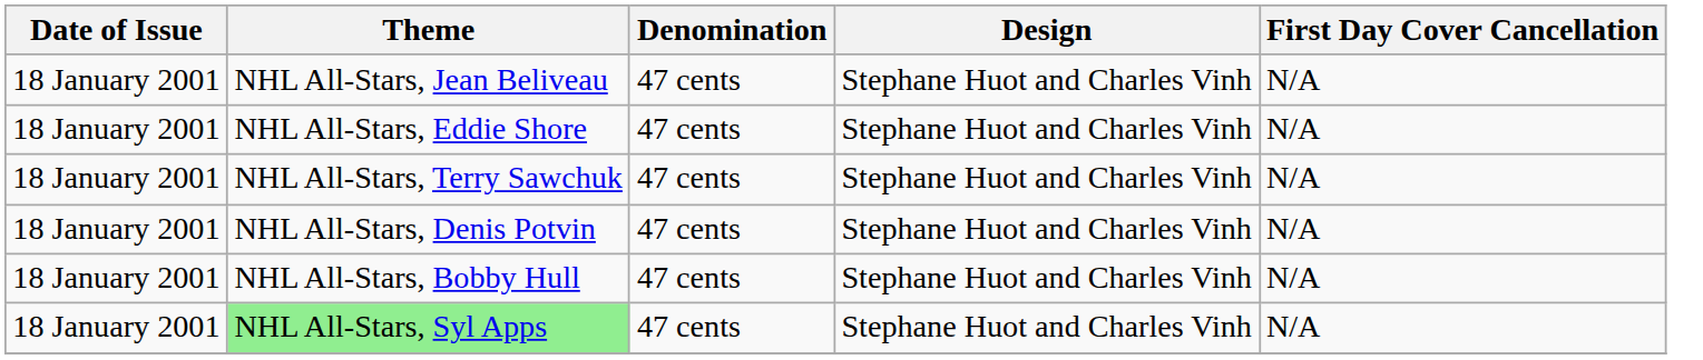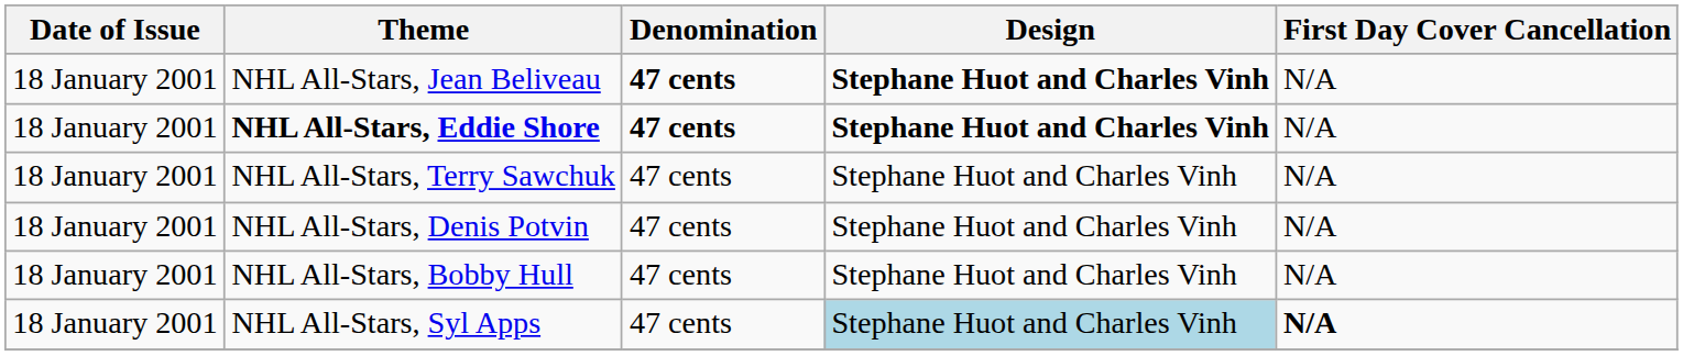 <table class="wikitable sortable">
 <tr>
 <th>Date of Issue</th>
 <th>Theme</th>
 <th>Denomination</th>
 <th>Design</th>
 <th>First Day Cover Cancellation</th>
 </tr>
 <tr>
 <td>18 January 2001</td>
 <td>NHL All-Stars, <a href='#'>Jean Beliveau</a></td>
-<td>47 cents</td>
-<td>Stephane Huot and Charles Vinh</td>
+<td><strong>47 cents</strong></td>
+<td><strong>Stephane Huot and Charles Vinh</strong></td>
 <td>N/A</td>
 </tr>
 <tr>
 <td>18 January 2001</td>
-<td>NHL All-Stars, <a href='#'>Eddie Shore</a></td>
-<td>47 cents</td>
-<td>Stephane Huot and Charles Vinh</td>
+<td><strong>NHL All-Stars, <a href='#'>Eddie Shore</a></strong></td>
+<td><strong>47 cents</strong></td>
+<td><strong>Stephane Huot and Charles Vinh</strong></td>
 <td>N/A</td>
 </tr>
 <tr>
 <td>18 January 2001</td>
 <td>NHL All-Stars, <a href='#'>Terry Sawchuk</a></td>
 <td>47 cents</td>
 <td>Stephane Huot and Charles Vinh</td>
 <td>N/A</td>
 </tr>
 <tr>
 <td>18 January 2001</td>
 <td>NHL All-Stars, <a href='#'>Denis Potvin</a></td>
 <td>47 cents</td>
 <td>Stephane Huot and Charles Vinh</td>
 <td>N/A</td>
 </tr>
 <tr>
 <td>18 January 2001</td>
 <td>NHL All-Stars, <a href='#'>Bobby Hull</a></td>
 <td>47 cents</td>
 <td>Stephane Huot and Charles Vinh</td>
 <td>N/A</td>
 </tr>
 <tr>
 <td>18 January 2001</td>
-<td style="background: lightgreen;">NHL All-Stars, <a href='#'>Syl Apps</a></td>
+<td>NHL All-Stars, <a href='#'>Syl Apps</a></td>
 <td>47 cents</td>
-<td>Stephane Huot and Charles Vinh</td>
-<td>N/A</td>
+<td style="background: lightblue;">Stephane Huot and Charles Vinh</td>
+<td><strong>N/A</strong></td>
 </tr>
 <tr>
 </tr>
 </table>
